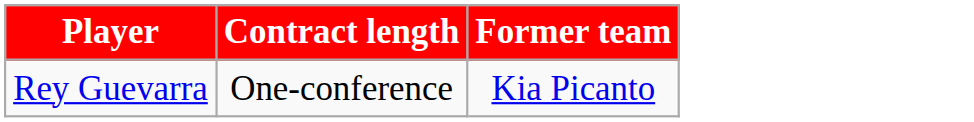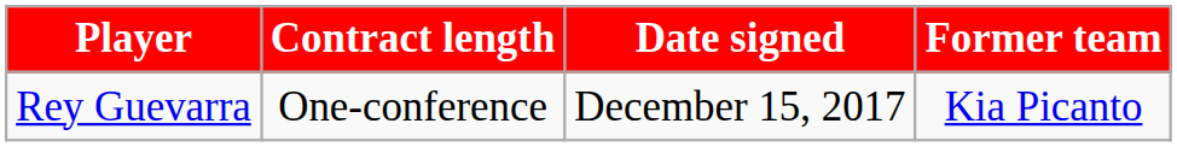 <table class="wikitable sortable sortable" style="text-align: center">
 <tr>
 <th style="background:#FF0000; color:#FFFFFF; ">Player</th>
 <th style="background:#FF0000; color:#FFFFFF; ">Contract length</th>
+<th style="background:#FF0000; color:#FFFFFF; ">Date signed</th>
 <th style="background:#FF0000; color:#FFFFFF; ">Former team</th>
 </tr>
 <tr>
 <td><a href='#'>Rey Guevarra</a></td>
 <td>One-conference</td>
+<td>December 15, 2017</td>
 <td><a href='#'>Kia Picanto</a></td>
 </tr>
 </table>
